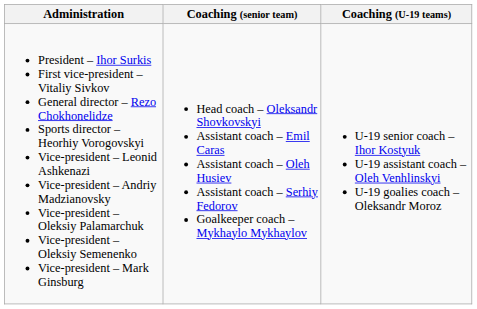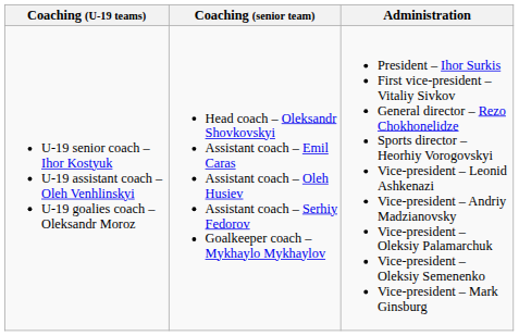 <table class="wikitable">
 <tr>
+<th>Coaching <small>(U-19 teams)</small></th>
+<th>Coaching <small>(senior team)</small></th>
 <th>Administration</th>
-<th>Coaching <small>(senior team)</small></th>
-<th>Coaching <small>(U-19 teams)</small></th>
 </tr>
 <tr>
+<td><br><ul><li>U-19 senior coach – <a href='#'>Ihor Kostyuk</a></li><li>U-19 assistant coach – <a href='#'>Oleh Venhlinskyi</a></li><li>U-19 goalies coach – Oleksandr Moroz</li></ul></td>
+<td><br><ul><li>Head coach – <a href='#'>Oleksandr Shovkovskyi</a></li><li>Assistant coach –  <a href='#'>Emil Caras</a></li><li>Assistant coach – <a href='#'>Oleh Husiev</a></li><li>Assistant coach – <a href='#'>Serhiy Fedorov</a></li><li>Goalkeeper coach – <a href='#'>Mykhaylo Mykhaylov</a></li></ul></td>
 <td><br><ul><li>President – <a href='#'>Ihor Surkis</a></li><li>First vice-president – Vitaliy Sivkov</li><li>General director –  <a href='#'>Rezo Chokhonelidze</a></li><li>Sports director – Heorhiy Vorogovskyi</li><li>Vice-president – Leonid Ashkenazi</li><li>Vice-president – Andriy Madzianovsky</li><li>Vice-president – Oleksiy Palamarchuk</li><li>Vice-president – Oleksiy Semenenko</li><li>Vice-president – Mark Ginsburg</li></ul></td>
-<td><br><ul><li>Head coach – <a href='#'>Oleksandr Shovkovskyi</a></li><li>Assistant coach –  <a href='#'>Emil Caras</a></li><li>Assistant coach – <a href='#'>Oleh Husiev</a></li><li>Assistant coach – <a href='#'>Serhiy Fedorov</a></li><li>Goalkeeper coach – <a href='#'>Mykhaylo Mykhaylov</a></li></ul></td>
-<td><br><ul><li>U-19 senior coach – <a href='#'>Ihor Kostyuk</a></li><li>U-19 assistant coach – <a href='#'>Oleh Venhlinskyi</a></li><li>U-19 goalies coach – Oleksandr Moroz</li></ul></td>
 </tr>
 </table>
